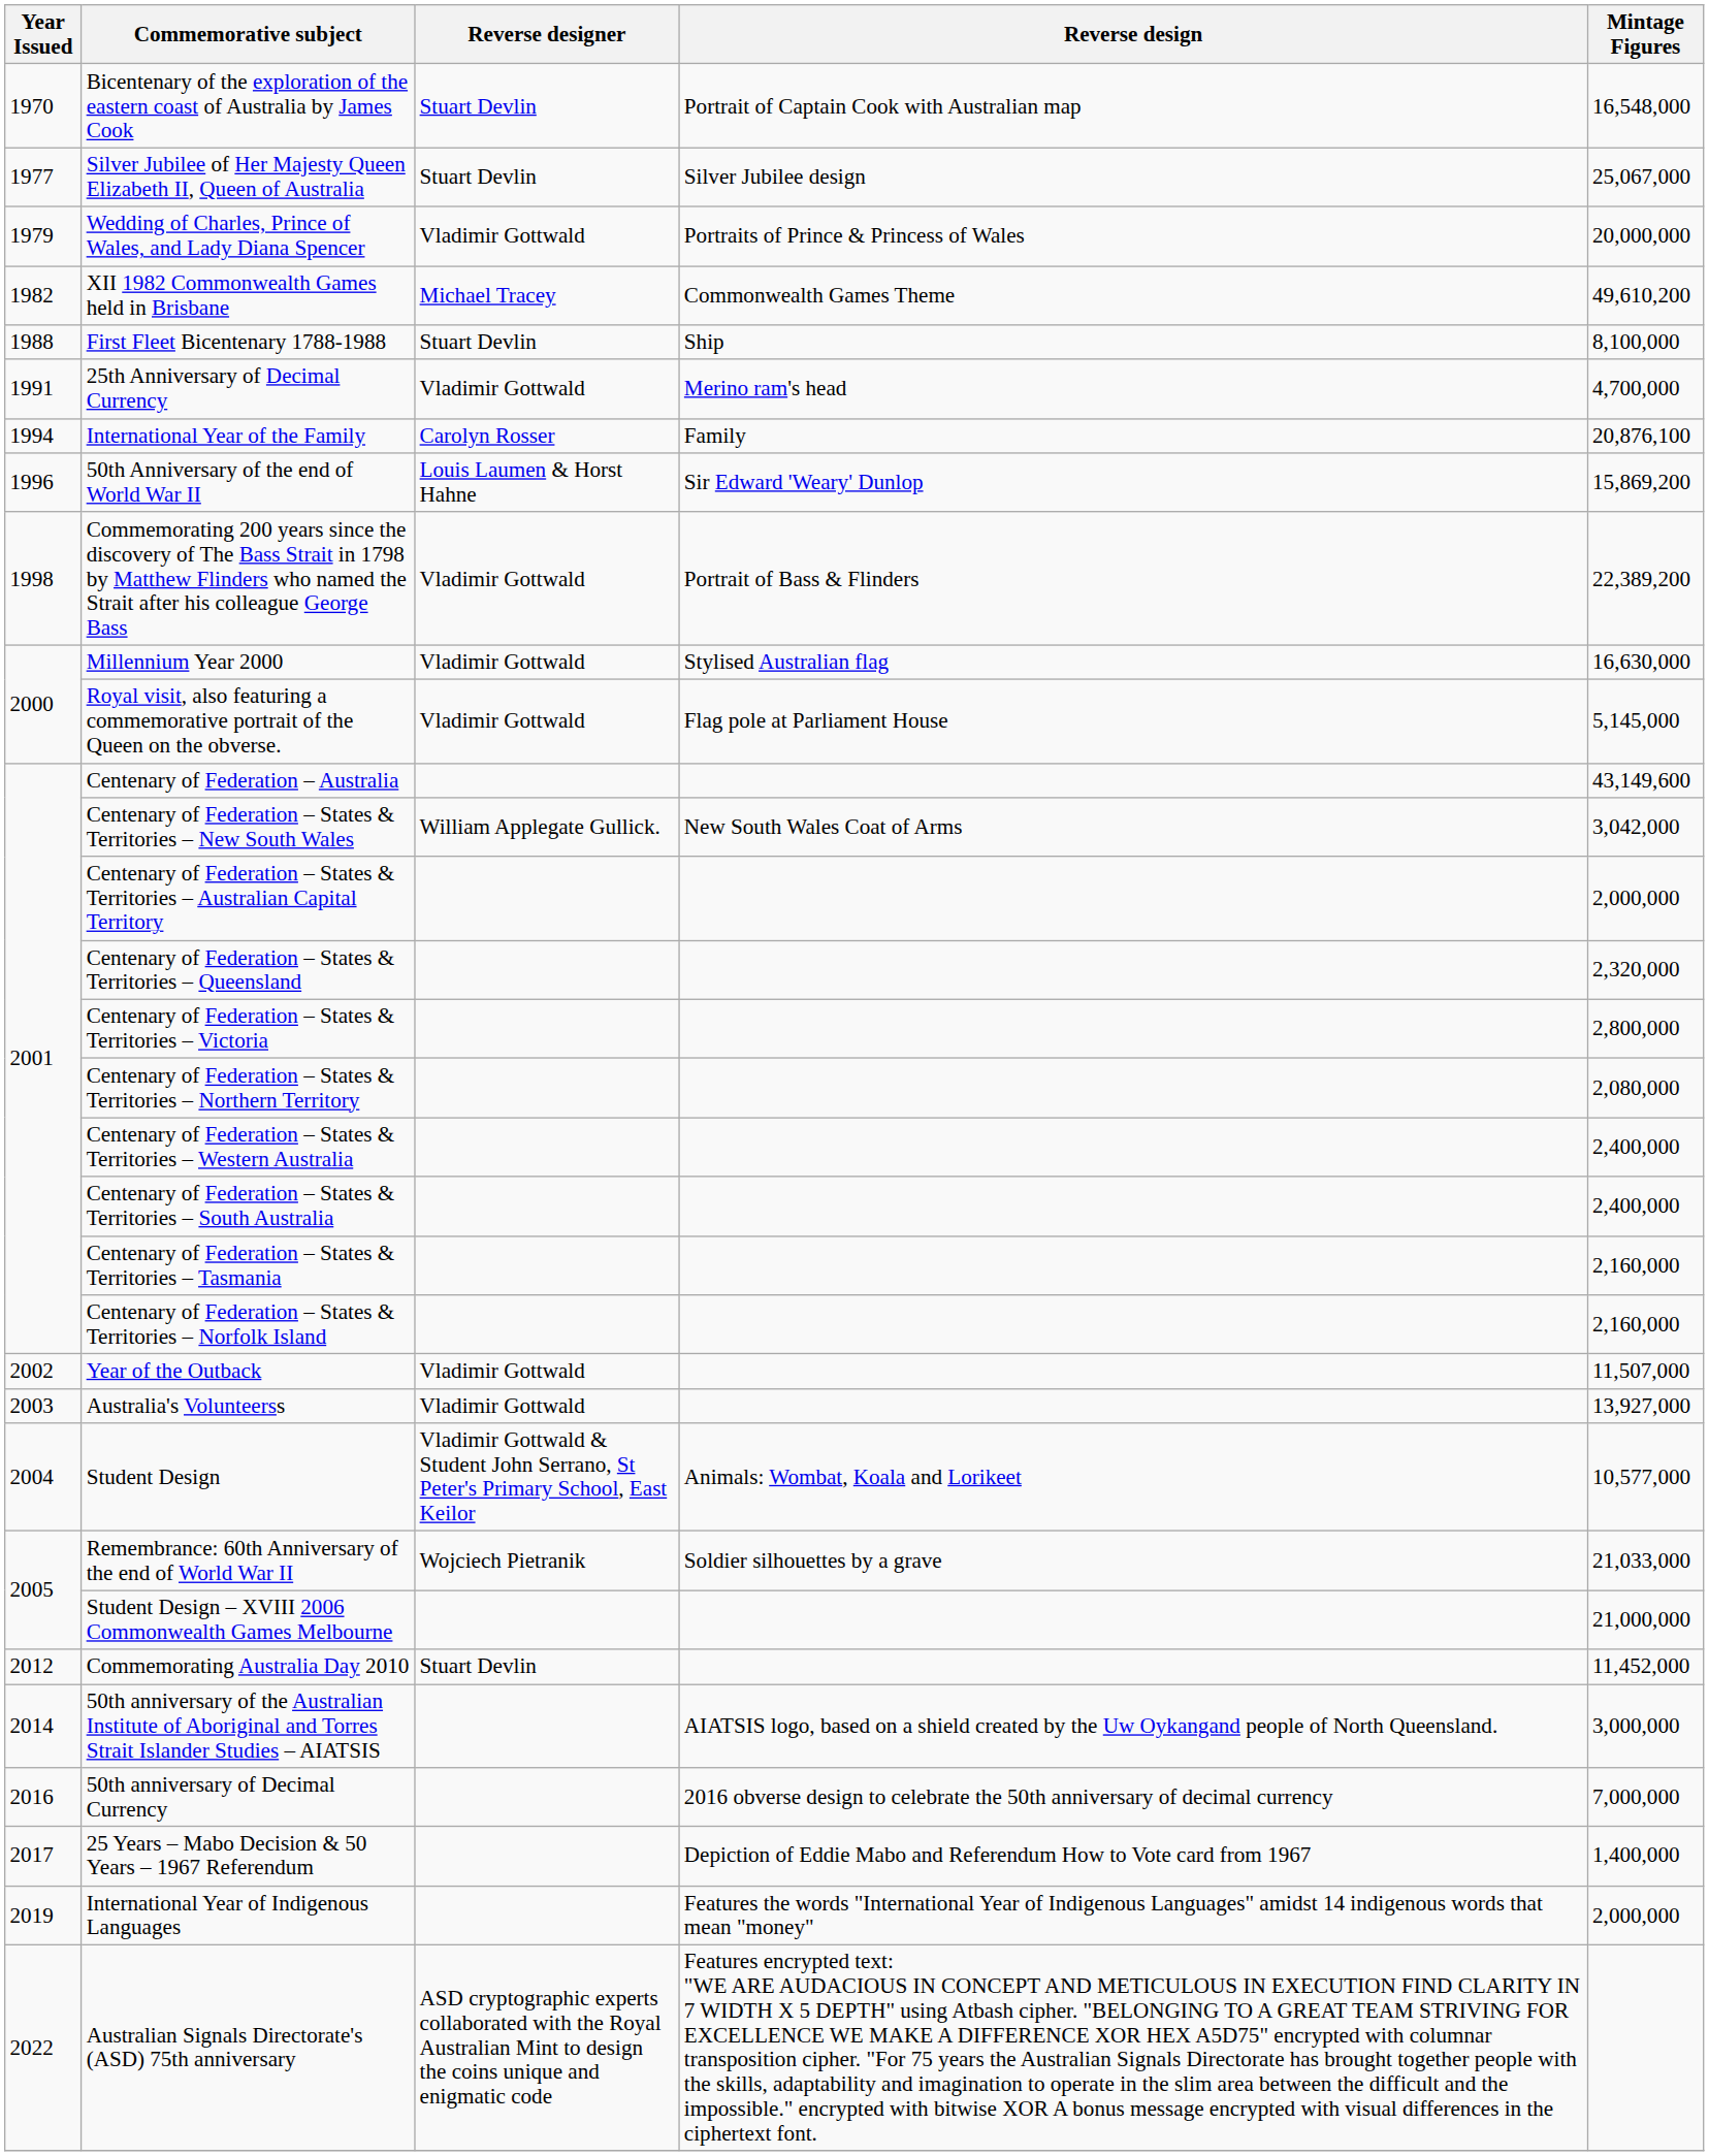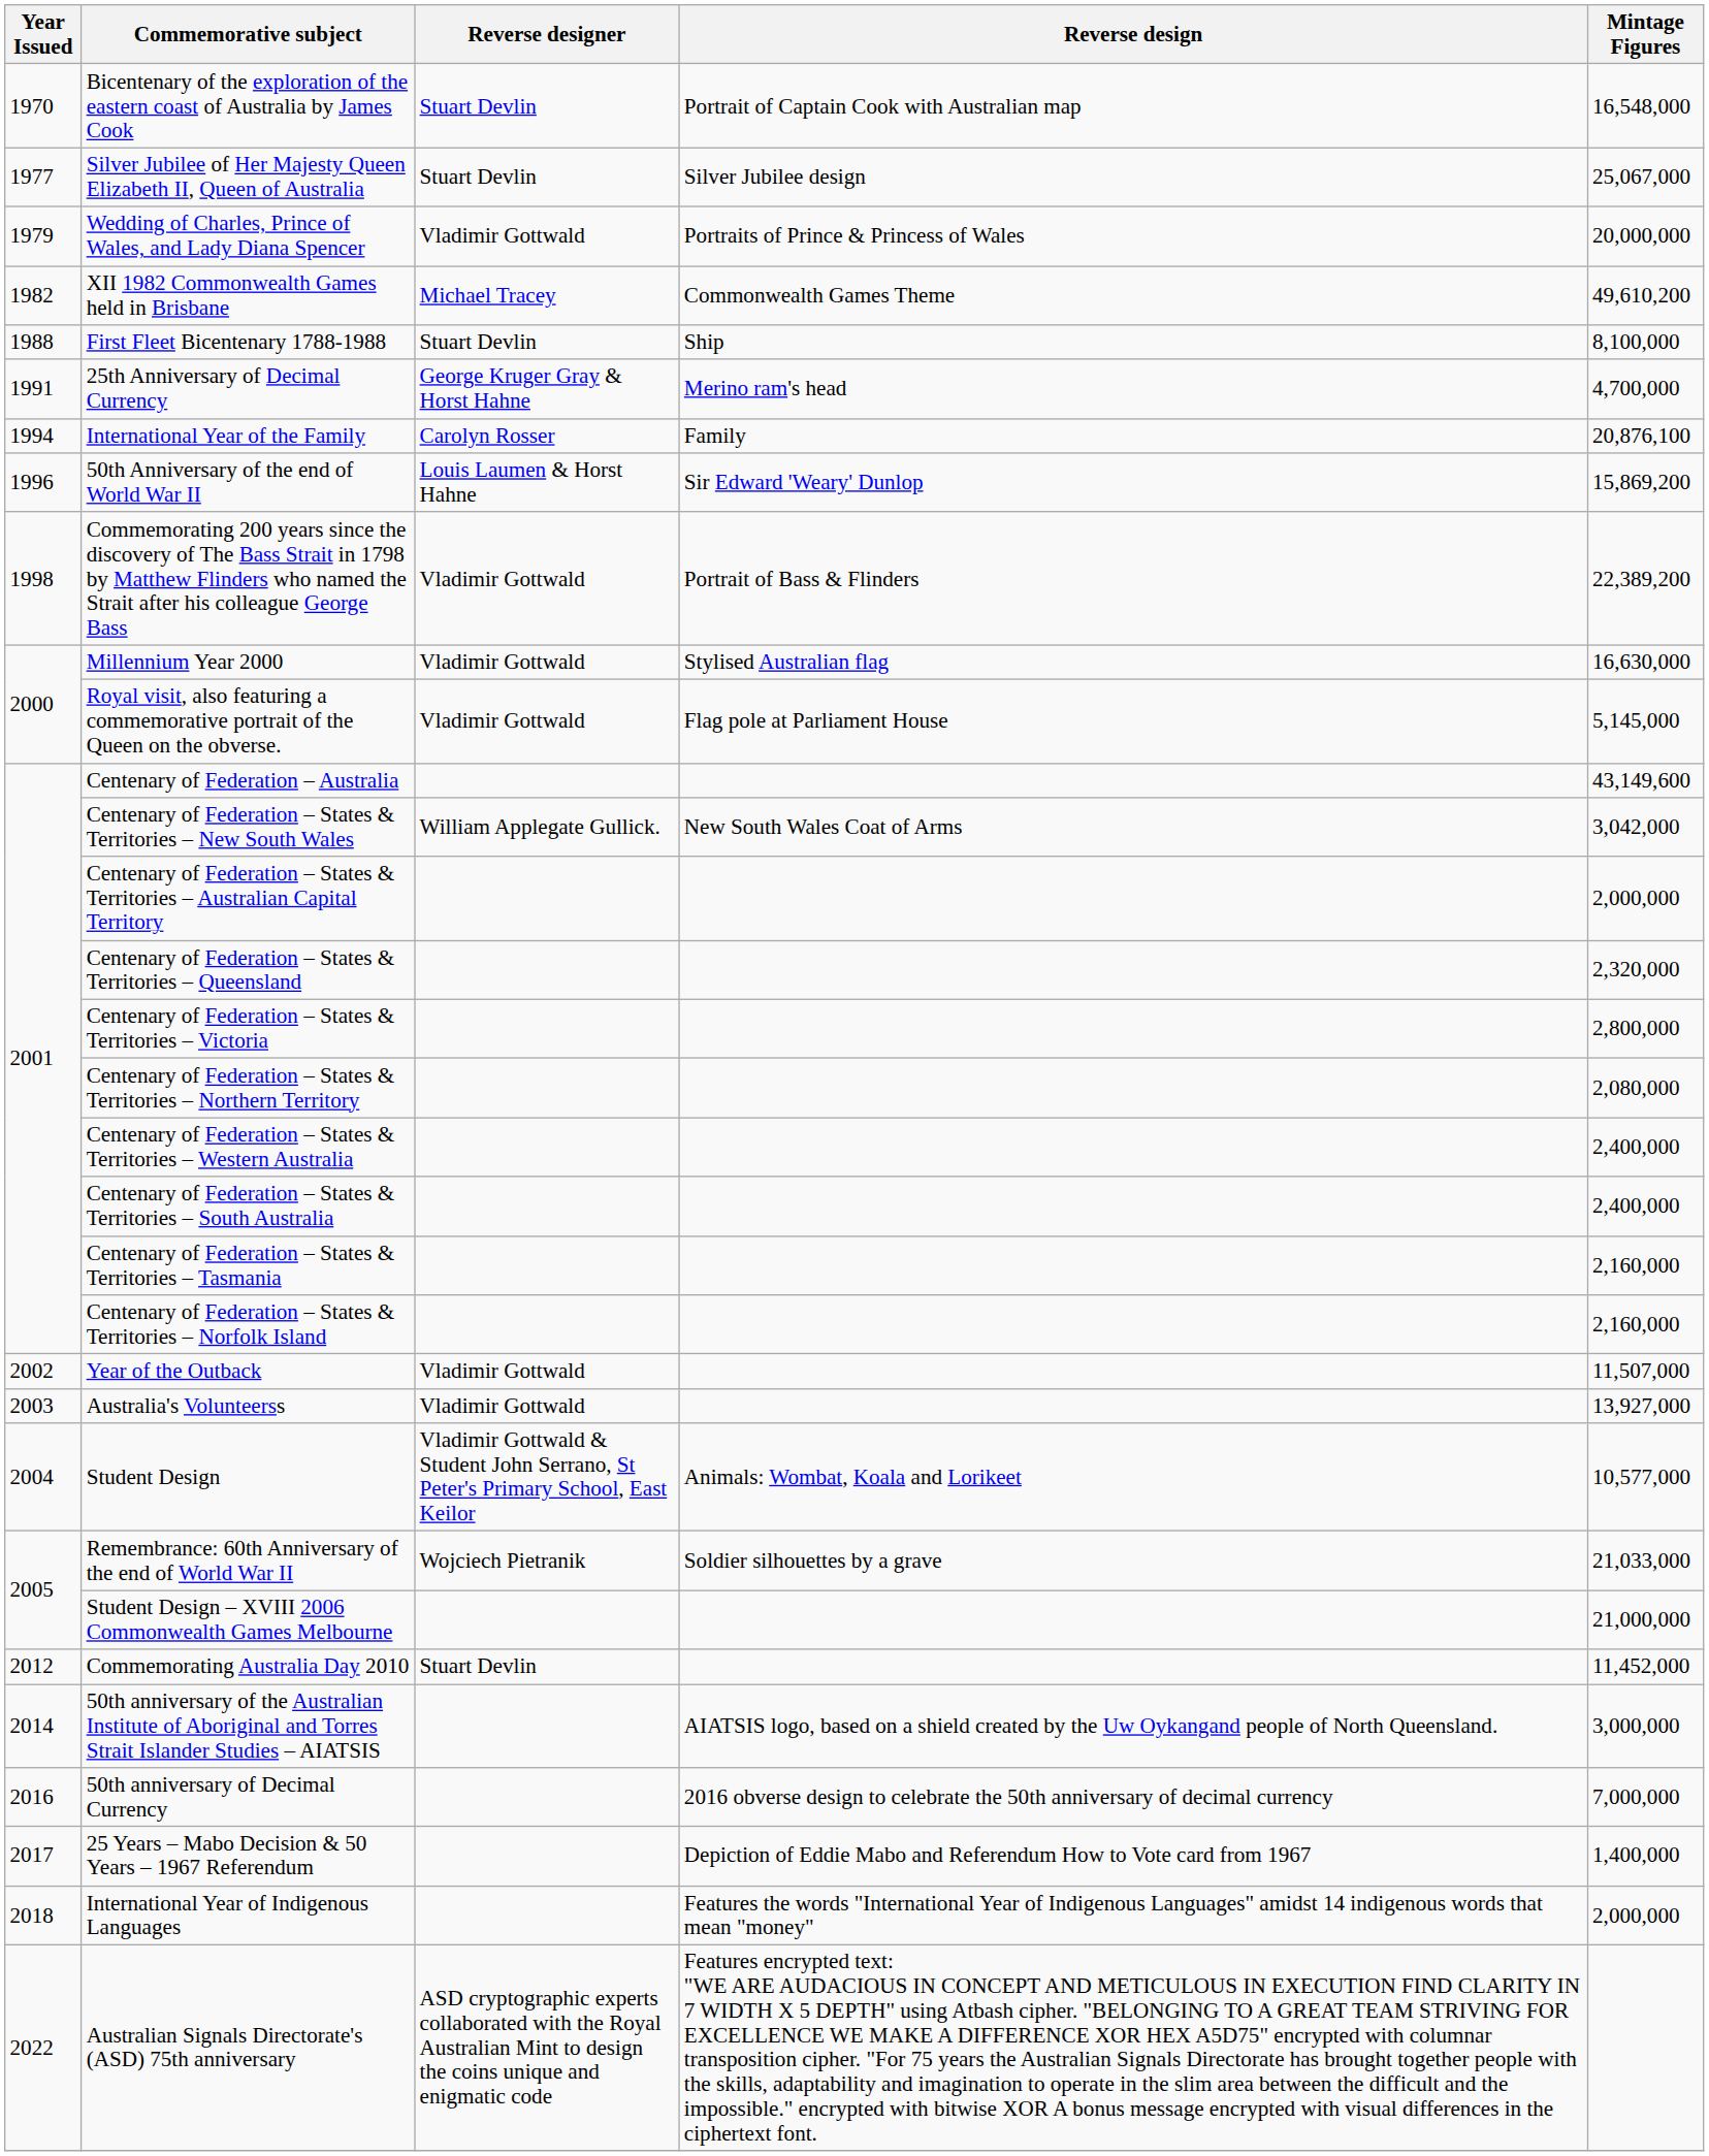 <table class="wikitable sortable">
 <tr>
 <th>Year Issued</th>
 <th>Commemorative subject</th>
 <th>Reverse designer</th>
 <th>Reverse design</th>
 <th>Mintage Figures</th>
 </tr>
 <tr>
 <td>1970</td>
 <td>Bicentenary of the <a href='#'>exploration of the eastern coast</a> of Australia by <a href='#'>James Cook</a></td>
 <td><a href='#'>Stuart Devlin</a></td>
 <td>Portrait of Captain Cook with Australian map</td>
 <td>16,548,000</td>
 </tr>
 <tr>
 <td>1977</td>
 <td><a href='#'>Silver Jubilee</a> of <a href='#'>Her Majesty Queen Elizabeth II</a>, <a href='#'>Queen of Australia</a></td>
 <td>Stuart Devlin</td>
 <td>Silver Jubilee design</td>
 <td>25,067,000</td>
 </tr>
 <tr>
 <td>1979</td>
 <td><a href='#'>Wedding of Charles, Prince of Wales, and Lady Diana Spencer</a></td>
 <td>Vladimir Gottwald</td>
 <td>Portraits of Prince & Princess of Wales</td>
 <td>20,000,000</td>
 </tr>
 <tr>
 <td>1982</td>
 <td>XII <a href='#'>1982 Commonwealth Games</a> held in <a href='#'>Brisbane</a></td>
 <td><a href='#'>Michael Tracey</a></td>
 <td>Commonwealth Games Theme</td>
 <td>49,610,200</td>
 </tr>
 <tr>
 <td>1988</td>
 <td><a href='#'>First Fleet</a> Bicentenary 1788-1988</td>
 <td>Stuart Devlin</td>
 <td>Ship</td>
 <td>8,100,000</td>
 </tr>
 <tr>
 <td>1991</td>
 <td>25th Anniversary of <a href='#'>Decimal Currency</a></td>
-<td>Vladimir Gottwald</td>
+<td><a href='#'>George Kruger Gray</a> & <a href='#'>Horst Hahne</a></td>
 <td><a href='#'>Merino ram</a>'s head</td>
 <td>4,700,000</td>
 </tr>
 <tr>
 <td>1994</td>
 <td><a href='#'>International Year of the Family</a></td>
 <td><a href='#'>Carolyn Rosser</a></td>
 <td>Family</td>
 <td>20,876,100</td>
 </tr>
 <tr>
 <td>1996</td>
 <td>50th Anniversary of the end of <a href='#'>World War II</a></td>
 <td><a href='#'>Louis Laumen</a> & Horst Hahne</td>
 <td>Sir <a href='#'>Edward 'Weary' Dunlop</a></td>
 <td>15,869,200</td>
 </tr>
 <tr>
 <td>1998</td>
 <td>Commemorating 200 years since the discovery of The <a href='#'>Bass Strait</a> in 1798 by <a href='#'>Matthew Flinders</a> who named the Strait after his colleague <a href='#'>George Bass</a></td>
 <td>Vladimir Gottwald</td>
 <td>Portrait of Bass & Flinders</td>
 <td>22,389,200</td>
 </tr>
 <tr>
 <td rowspan="2">2000</td>
 <td><a href='#'>Millennium</a> Year 2000</td>
 <td>Vladimir Gottwald</td>
 <td>Stylised <a href='#'>Australian flag</a></td>
 <td>16,630,000</td>
 </tr>
 <tr>
 <td><a href='#'>Royal visit</a>, also featuring a commemorative portrait of the Queen on the obverse.</td>
 <td>Vladimir Gottwald</td>
 <td>Flag pole at Parliament House</td>
 <td>5,145,000</td>
 </tr>
 <tr>
 <td rowspan="10">2001</td>
 <td>Centenary of <a href='#'>Federation</a> – <a href='#'>Australia</a></td>
 <td></td>
 <td></td>
 <td>43,149,600</td>
 </tr>
 <tr>
 <td>Centenary of <a href='#'>Federation</a> – States & Territories – <a href='#'>New South Wales</a></td>
 <td>William Applegate Gullick.</td>
 <td>New South Wales Coat of Arms</td>
 <td>3,042,000</td>
 </tr>
 <tr>
 <td>Centenary of <a href='#'>Federation</a> – States & Territories – <a href='#'>Australian Capital Territory</a></td>
 <td></td>
 <td></td>
 <td>2,000,000</td>
 </tr>
 <tr>
 <td>Centenary of <a href='#'>Federation</a> – States & Territories – <a href='#'>Queensland</a></td>
 <td></td>
 <td></td>
 <td>2,320,000</td>
 </tr>
 <tr>
 <td>Centenary of <a href='#'>Federation</a> – States & Territories – <a href='#'>Victoria</a></td>
 <td></td>
 <td></td>
 <td>2,800,000</td>
 </tr>
 <tr>
 <td>Centenary of <a href='#'>Federation</a> – States & Territories – <a href='#'>Northern Territory</a></td>
 <td></td>
 <td></td>
 <td>2,080,000</td>
 </tr>
 <tr>
 <td>Centenary of <a href='#'>Federation</a> – States & Territories – <a href='#'>Western Australia</a></td>
 <td></td>
 <td></td>
 <td>2,400,000</td>
 </tr>
 <tr>
 <td>Centenary of <a href='#'>Federation</a> – States & Territories – <a href='#'>South Australia</a></td>
 <td></td>
 <td></td>
 <td>2,400,000</td>
 </tr>
 <tr>
 <td>Centenary of <a href='#'>Federation</a> – States & Territories – <a href='#'>Tasmania</a></td>
 <td></td>
 <td></td>
 <td>2,160,000</td>
 </tr>
 <tr>
 <td>Centenary of <a href='#'>Federation</a> – States & Territories – <a href='#'>Norfolk Island</a></td>
 <td></td>
 <td></td>
 <td>2,160,000</td>
 </tr>
 <tr>
 <td>2002</td>
 <td><a href='#'>Year of the Outback</a></td>
 <td>Vladimir Gottwald</td>
 <td></td>
 <td>11,507,000</td>
 </tr>
 <tr>
 <td>2003</td>
 <td>Australia's <a href='#'>Volunteers</a>s</td>
 <td>Vladimir Gottwald</td>
 <td></td>
 <td>13,927,000</td>
 </tr>
 <tr>
 <td>2004</td>
 <td>Student Design</td>
 <td>Vladimir Gottwald & Student John Serrano, <a href='#'>St Peter's Primary School</a>, <a href='#'>East Keilor</a></td>
 <td>Animals: <a href='#'>Wombat</a>, <a href='#'>Koala</a> and <a href='#'>Lorikeet</a></td>
 <td>10,577,000</td>
 </tr>
 <tr>
 <td rowspan="2">2005</td>
 <td>Remembrance: 60th Anniversary of the end of <a href='#'>World War II</a></td>
 <td>Wojciech Pietranik</td>
 <td>Soldier silhouettes by a grave</td>
 <td>21,033,000</td>
 </tr>
 <tr>
 <td>Student Design – XVIII <a href='#'>2006 Commonwealth Games Melbourne</a></td>
 <td></td>
 <td></td>
 <td>21,000,000</td>
 </tr>
 <tr>
 <td>2012</td>
 <td>Commemorating <a href='#'>Australia Day</a> 2010</td>
 <td>Stuart Devlin</td>
 <td></td>
 <td>11,452,000</td>
 </tr>
 <tr>
 <td>2014</td>
 <td>50th anniversary of the <a href='#'>Australian Institute of Aboriginal and Torres Strait Islander Studies</a> – AIATSIS</td>
 <td></td>
 <td>AIATSIS logo, based on a shield created by the <a href='#'>Uw Oykangand</a> people of North Queensland.</td>
 <td>3,000,000</td>
 </tr>
 <tr>
 <td>2016</td>
 <td>50th anniversary of Decimal Currency</td>
 <td></td>
 <td>2016 obverse design to celebrate the 50th anniversary of decimal currency</td>
 <td>7,000,000</td>
 </tr>
 <tr>
 <td>2017</td>
 <td>25 Years – Mabo Decision & 50 Years – 1967 Referendum</td>
 <td></td>
 <td>Depiction of Eddie Mabo and Referendum How to Vote card from 1967</td>
 <td>1,400,000</td>
 </tr>
 <tr>
-<td>2019</td>
+<td>2018</td>
 <td>International Year of Indigenous Languages</td>
 <td></td>
 <td>Features the words "International Year of Indigenous Languages" amidst 14 indigenous words that mean "money"</td>
 <td>2,000,000</td>
 </tr>
 <tr>
 <td>2022</td>
 <td>Australian Signals Directorate's (ASD) 75th anniversary</td>
 <td>ASD cryptographic experts collaborated with the Royal Australian Mint to design the coins unique and enigmatic code</td>
 <td>Features encrypted text:<br>"WE ARE AUDACIOUS IN CONCEPT AND METICULOUS IN EXECUTION FIND CLARITY IN 7 WIDTH X 5 DEPTH" using Atbash cipher. "BELONGING TO A GREAT TEAM STRIVING FOR EXCELLENCE WE MAKE A DIFFERENCE XOR HEX A5D75" encrypted with columnar transposition cipher. "For 75 years the Australian Signals Directorate has brought together people with the skills, adaptability and imagination to operate in the slim area between the difficult and the impossible." encrypted with bitwise XOR A bonus message encrypted with visual differences in the ciphertext font.</td>
 <td></td>
 </tr>
 <tr>
 </tr>
 </table>
